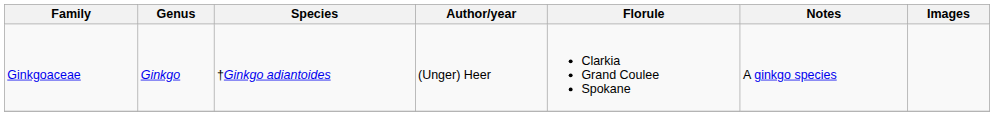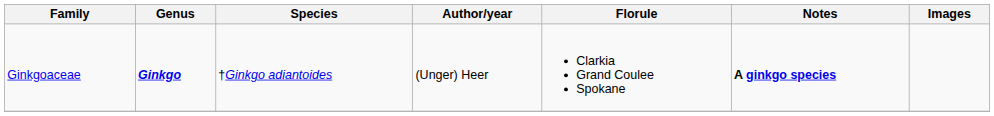 <table class="wikitable sortable mw-collapsible" style="margin:auto; width:100%">
 <tr>
 <th>Family</th>
 <th>Genus</th>
 <th>Species</th>
 <th>Author/year</th>
 <th>Florule</th>
 <th>Notes</th>
 <th>Images</th>
 </tr>
 <tr>
 <td><br><a href='#'>Ginkgoaceae</a></td>
-<td><br><em><a href='#'>Ginkgo</a></em></td>
+<td><strong><br><em><a href='#'>Ginkgo</a></em></strong></td>
 <td><br>†<em><a href='#'>Ginkgo adiantoides</a></em></td>
 <td><br>(Unger) Heer</td>
 <td><br><ul><li>Clarkia</li><li>Grand Coulee</li><li>Spokane</li></ul></td>
-<td><br>A <a href='#'>ginkgo species</a></td>
+<td><strong><br>A <a href='#'>ginkgo species</a></strong></td>
 <td><br></td>
 </tr>
 <tr>
 </tr>
 </table>
